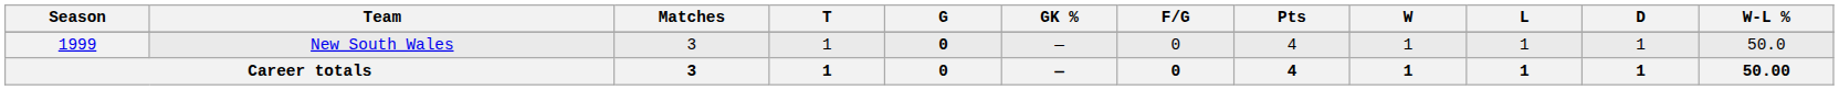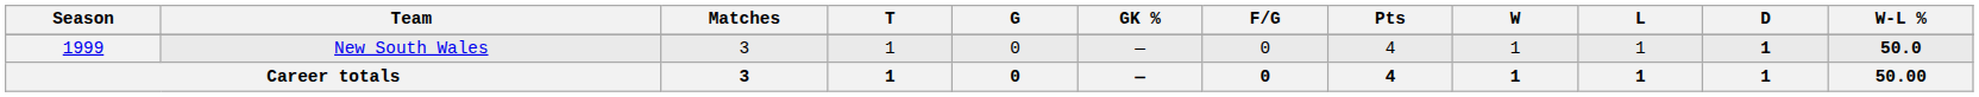 <table class="wikitable sortable"  style="font-size:90%; text-align:center; width:85%;">
 <tr>
 <th width=2%>Season</th>
 <th width=8%>Team</th>
 <th width=2%>Matches</th>
 <th width=2%>T</th>
 <th width=2%>G</th>
 <th width=2%>GK %</th>
 <th width=2%>F/G</th>
 <th width=2%>Pts</th>
 <th width=2%>W</th>
 <th width=2%>L</th>
 <th width=2%>D</th>
 <th width=2%>W-L %</th>
 </tr>
 <tr>
 </tr>
 <tr style="background-color: #EAEAEA">
 <th scope="row" style="text-align:center; font-weight:normal"><a href='#'>1999</a></th>
 <td style="text-align:center;"><a href='#'>New South Wales</a></td>
 <td>3</td>
 <td>1</td>
-<td><strong>0</strong></td>
+<td>0</td>
 <td>—</td>
 <td>0</td>
 <td>4</td>
 <td>1</td>
 <td>1</td>
-<td>1</td>
-<td>50.0</td>
+<td><strong>1</strong></td>
+<td><strong>50.0</strong></td>
 </tr>
 <tr class="sortbottom">
 <th colspan=2>Career totals</th>
 <th>3</th>
 <th>1</th>
 <th>0</th>
 <th>—</th>
 <th>0</th>
 <th>4</th>
 <th>1</th>
 <th>1</th>
 <th>1</th>
 <th>50.00</th>
 </tr>
 </table>
